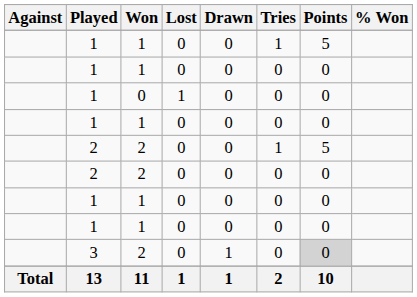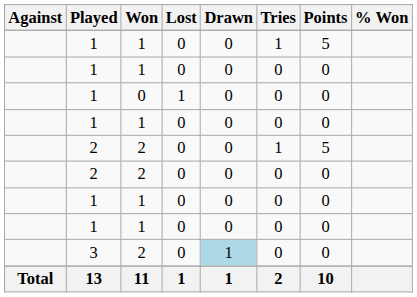 <table class="sortable wikitable" style="text-align: center;">
 <tr>
 </tr>
 <tr>
 <th>Against</th>
 <th>Played</th>
 <th>Won</th>
 <th>Lost</th>
 <th>Drawn</th>
 <th>Tries</th>
 <th>Points</th>
 <th>% Won</th>
 </tr>
 <tr bgcolor="#d0ffd0" align="center">
 </tr>
 <tr>
 <td align="left"></td>
 <td>1</td>
 <td>1</td>
 <td>0</td>
 <td>0</td>
 <td>1</td>
 <td>5</td>
 <td></td>
 </tr>
 <tr>
 <td align="left"></td>
 <td>1</td>
 <td>1</td>
 <td>0</td>
 <td>0</td>
 <td>0</td>
 <td>0</td>
 <td></td>
 </tr>
 <tr>
 <td align="left"></td>
 <td>1</td>
 <td>0</td>
 <td>1</td>
 <td>0</td>
 <td>0</td>
 <td>0</td>
 <td></td>
 </tr>
 <tr>
 <td align="left"></td>
 <td>1</td>
 <td>1</td>
 <td>0</td>
 <td>0</td>
 <td>0</td>
 <td>0</td>
 <td></td>
 </tr>
 <tr>
 <td align="left"></td>
 <td>2</td>
 <td>2</td>
 <td>0</td>
 <td>0</td>
 <td>1</td>
 <td>5</td>
 <td></td>
 </tr>
 <tr>
 <td align="left"></td>
 <td>2</td>
 <td>2</td>
 <td>0</td>
 <td>0</td>
 <td>0</td>
 <td>0</td>
 <td></td>
 </tr>
 <tr>
 <td align="left"></td>
 <td>1</td>
 <td>1</td>
 <td>0</td>
 <td>0</td>
 <td>0</td>
 <td>0</td>
 <td></td>
 </tr>
 <tr>
 <td align="left"></td>
 <td>1</td>
 <td>1</td>
 <td>0</td>
 <td>0</td>
 <td>0</td>
 <td>0</td>
 <td></td>
 </tr>
 <tr>
 <td align="left"></td>
 <td>3</td>
 <td>2</td>
 <td>0</td>
-<td>1</td>
+<td style="background: lightblue;">1</td>
 <td>0</td>
-<td style="background: lightgrey;">0</td>
+<td>0</td>
 <td></td>
 </tr>
 <tr>
 </tr>
 <tr class="sortbottom">
 <th>Total</th>
 <th>13</th>
 <th>11</th>
 <th>1</th>
 <th>1</th>
 <th>2</th>
 <th>10</th>
 <th></th>
 </tr>
 </table>
